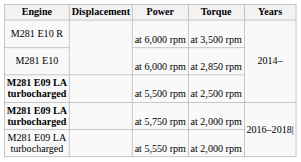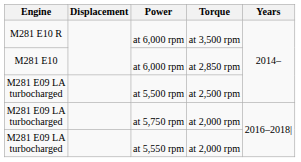 <table class="wikitable sortable" style="text-align: center;">
 <tr>
 <th>Engine</th>
 <th>Displacement</th>
 <th>Power</th>
 <th>Torque</th>
 <th>Years</th>
 </tr>
 <tr>
 <td>M281 E10 R</td>
 <td rowspan="2"></td>
 <td> <br> at 6,000 rpm</td>
 <td> <br> at 3,500 rpm</td>
 <td rowspan="3">2014–</td>
 </tr>
 <tr>
 <td>M281 E10</td>
 <td> <br> at 6,000 rpm</td>
 <td> <br> at 2,850 rpm</td>
 </tr>
 <tr>
-<td><strong>M281 E09 LA <br> turbocharged</strong></td>
+<td>M281 E09 LA <br> turbocharged</td>
 <td></td>
 <td> <br> at 5,500 rpm</td>
 <td> <br> at 2,500 rpm</td>
 </tr>
 <tr>
-<td><strong>M281 E09 LA <br> turbocharged</strong></td>
+<td>M281 E09 LA <br> turbocharged</td>
 <td></td>
 <td> <br> at 5,750 rpm</td>
 <td> <br> at 2,000 rpm</td>
 <td rowspan="3">2016–2018|</td>
 </tr>
 <tr>
 <td>M281 E09 LA <br> turbocharged</td>
 <td></td>
 <td> <br> at 5,550 rpm</td>
 <td> <br> at 2,000 rpm</td>
 </tr>
 </table>
